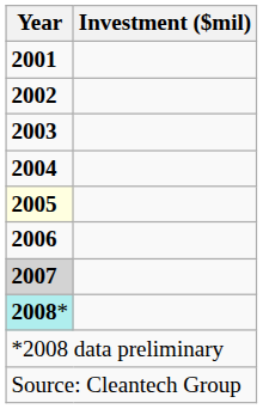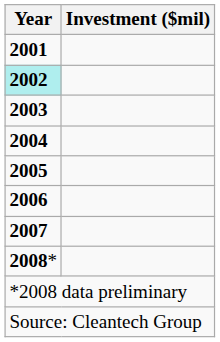 <table class="wikitable" style="clear:right;float:right">
 <tr>
 <th>Year</th>
 <th>Investment ($mil)</th>
 </tr>
 <tr>
 <td><strong>2001</strong></td>
 <td></td>
 </tr>
 <tr>
-<td><strong>2002</strong></td>
+<td style="background: paleturquoise;"><strong>2002</strong></td>
 <td></td>
 </tr>
 <tr>
 <td><strong>2003</strong></td>
 <td></td>
 </tr>
 <tr>
 <td><strong>2004</strong></td>
 <td></td>
 </tr>
 <tr>
-<td style="background: lightyellow;"><strong>2005</strong></td>
+<td><strong>2005</strong></td>
 <td></td>
 </tr>
 <tr>
 <td><strong>2006</strong></td>
 <td></td>
 </tr>
 <tr>
-<td style="background: lightgrey;"><strong>2007</strong></td>
+<td><strong>2007</strong></td>
 <td></td>
 </tr>
 <tr>
-<td style="background: paleturquoise;"><strong>2008</strong>*</td>
+<td><strong>2008</strong>*</td>
 <td></td>
 </tr>
 <tr>
 <td colspan="2">*2008 data preliminary</td>
 </tr>
 <tr>
 <td colspan="2">Source: Cleantech Group</td>
 </tr>
 </table>
